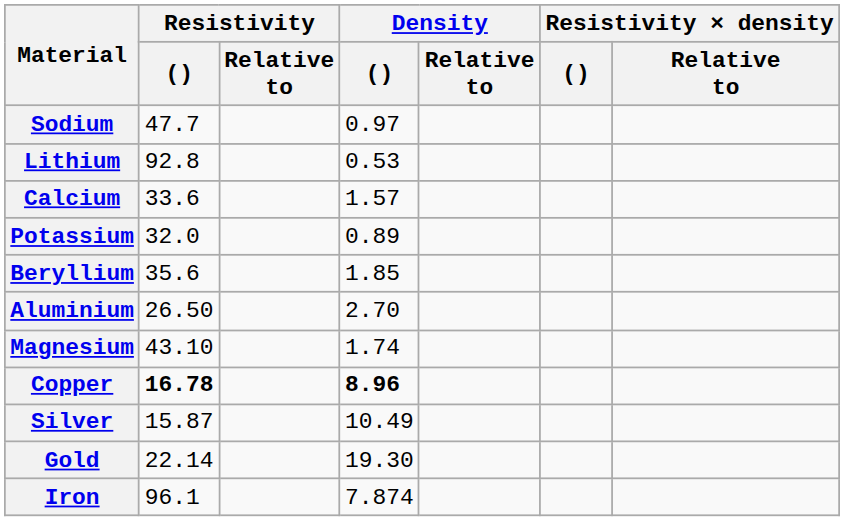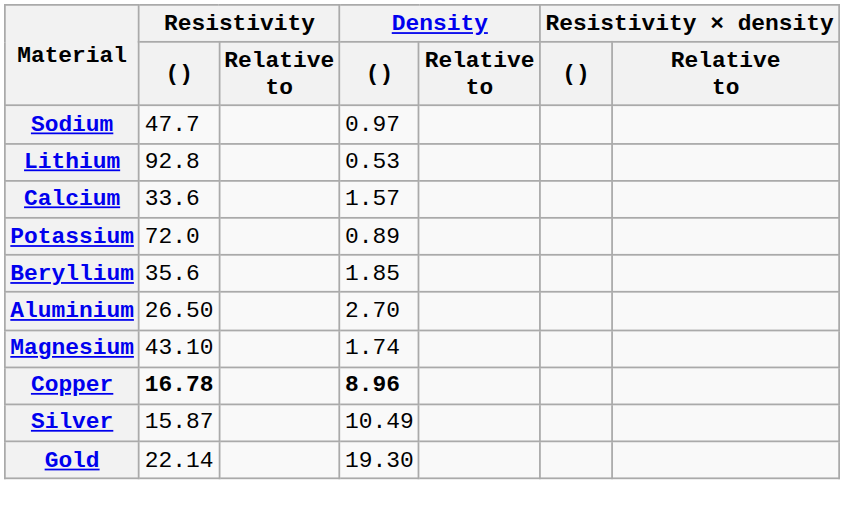 <table class="wikitable sortable plainrowheaders">
 <tr>
 <th scope="col" rowspan=2>Material</th>
 <th scope="col" colspan=2>Resistivity</th>
 <th scope="col" colspan=2><a href='#'>Density</a></th>
 <th scope="col" colspan=2>Resistivity × density</th>
 </tr>
 <tr>
 <th scope="col" data-sort-type=number>()</th>
 <th scope="col" data-sort-type=number>Relative <br>to </th>
 <th scope="col" data-sort-type=number>()</th>
 <th scope="col" data-sort-type=number>Relative <br>to </th>
 <th scope="col" data-sort-type=number>()</th>
 <th scope="col" data-sort-type=number>Relative <br>to </th>
 </tr>
 <tr>
 <th scope="row"><a href='#'>Sodium</a></th>
 <td>47.7</td>
 <td></td>
 <td>0.97</td>
 <td></td>
 <td></td>
 <td></td>
 </tr>
 <tr>
 <th scope="row"><a href='#'>Lithium</a></th>
 <td>92.8</td>
 <td></td>
 <td>0.53</td>
 <td></td>
 <td></td>
 <td></td>
 </tr>
 <tr>
 <th scope="row"><a href='#'>Calcium</a></th>
 <td>33.6</td>
 <td></td>
 <td>1.57</td>
 <td></td>
 <td></td>
 <td></td>
 </tr>
 <tr>
 <th scope="row"><a href='#'>Potassium</a></th>
-<td>32.0</td>
+<td>72.0</td>
 <td></td>
 <td>0.89</td>
 <td></td>
 <td></td>
 <td></td>
 </tr>
 <tr>
 <th scope="row"><a href='#'>Beryllium</a></th>
 <td>35.6</td>
 <td></td>
 <td>1.85</td>
 <td></td>
 <td></td>
 <td></td>
 </tr>
 <tr>
 <th scope="row"><a href='#'>Aluminium</a></th>
 <td>26.50</td>
 <td></td>
 <td>2.70</td>
 <td></td>
 <td></td>
 <td></td>
 </tr>
 <tr>
 <th scope="row"><a href='#'>Magnesium</a></th>
 <td>43.10</td>
 <td></td>
 <td>1.74</td>
 <td></td>
 <td></td>
 <td></td>
 </tr>
 <tr style="font-weight:bold;">
 <th scope="row" style="font-weight:"><a href='#'>Copper</a></th>
 <td>16.78</td>
 <td></td>
 <td>8.96</td>
 <td></td>
 <td></td>
 <td></td>
 </tr>
 <tr>
 <th scope="row"><a href='#'>Silver</a></th>
 <td>15.87</td>
 <td></td>
 <td>10.49</td>
 <td></td>
 <td></td>
 <td></td>
 </tr>
 <tr>
 <th scope="row"><a href='#'>Gold</a></th>
 <td>22.14</td>
 <td></td>
 <td>19.30</td>
 <td></td>
 <td></td>
 <td></td>
 </tr>
-<tr>
-<th scope="row"><a href='#'>Iron</a></th>
-<td>96.1</td>
-<td></td>
-<td>7.874</td>
-<td></td>
-<td></td>
-<td></td>
-</tr>
 </table>
